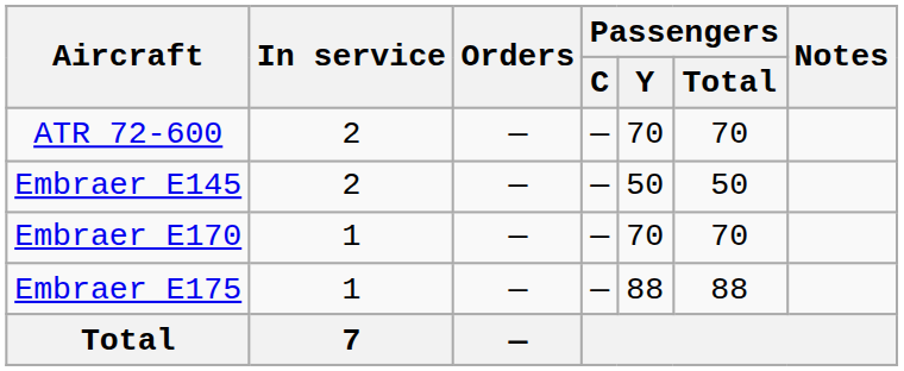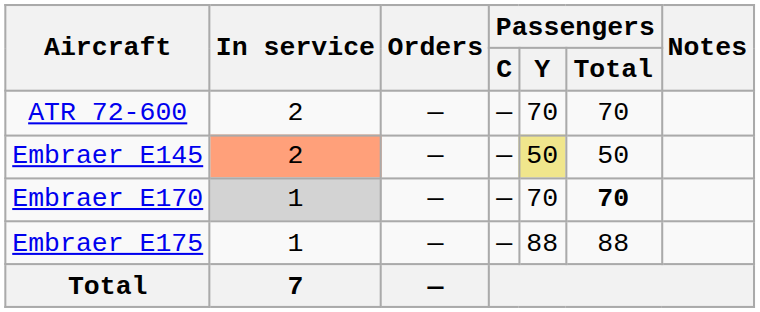 <table class="wikitable" style="border-collapse:collapse;text-align:center;margin:auto;">
 <tr>
 <th rowspan="2">Aircraft</th>
 <th rowspan="2">In service</th>
 <th rowspan="2">Orders</th>
 <th colspan="3">Passengers</th>
 <th rowspan="2">Notes</th>
 </tr>
 <tr>
 <th><abbr>C</abbr></th>
 <th><abbr>Y</abbr></th>
 <th>Total</th>
 </tr>
 <tr>
 <td><a href='#'>ATR 72-600</a></td>
 <td>2</td>
 <td>—</td>
 <td>—</td>
 <td>70</td>
 <td>70</td>
 <td></td>
 </tr>
 <tr>
 <td><a href='#'>Embraer E145</a></td>
-<td>2</td>
+<td style="background: lightsalmon;">2</td>
 <td>—</td>
 <td>—</td>
-<td>50</td>
+<td style="background: khaki;">50</td>
 <td>50</td>
 <td></td>
 </tr>
 <tr>
 <td><a href='#'>Embraer E170</a></td>
-<td>1</td>
+<td style="background: lightgrey;">1</td>
 <td>—</td>
 <td>—</td>
 <td>70</td>
-<td>70</td>
+<td><strong>70</strong></td>
 <td></td>
 </tr>
 <tr>
 <td><a href='#'>Embraer E175</a></td>
 <td>1</td>
 <td>—</td>
 <td>—</td>
 <td>88</td>
 <td>88</td>
 <td></td>
 </tr>
 <tr>
 <th>Total</th>
 <th>7</th>
 <th>—</th>
 <th colspan="4"></th>
 </tr>
 </table>
